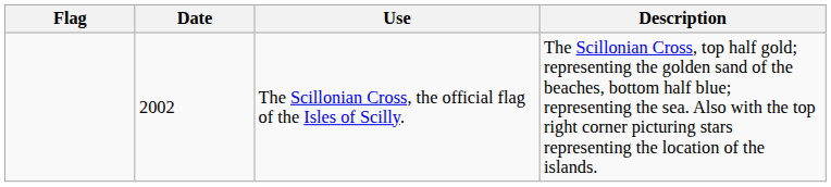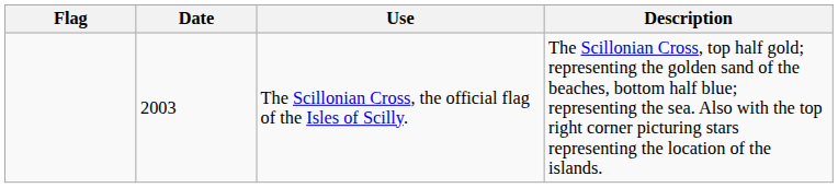 <table class="wikitable">
 <tr>
 <th width="110">Flag</th>
 <th width="100">Date</th>
 <th width="250">Use</th>
 <th width="250">Description</th>
 </tr>
 <tr>
 <td></td>
-<td>2002</td>
+<td>2003</td>
 <td>The <a href='#'>Scillonian Cross</a>, the official flag of the <a href='#'>Isles of Scilly</a>.</td>
 <td>The <a href='#'>Scillonian Cross</a>, top half gold; representing the golden sand of the beaches, bottom half blue; representing the sea. Also with the top right corner picturing stars representing the location of the islands.</td>
 </tr>
 </table>
